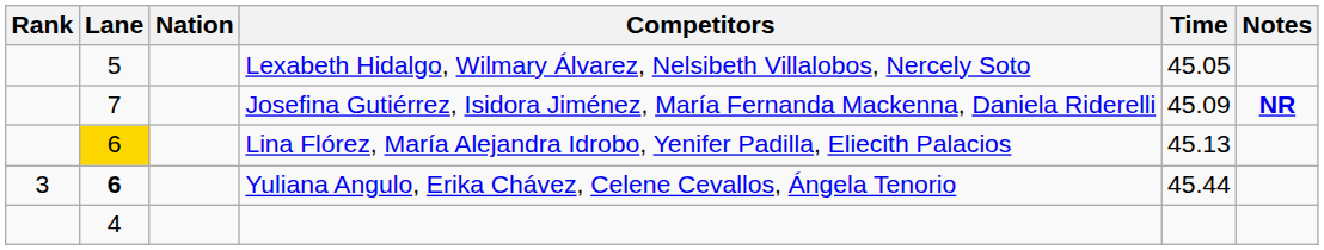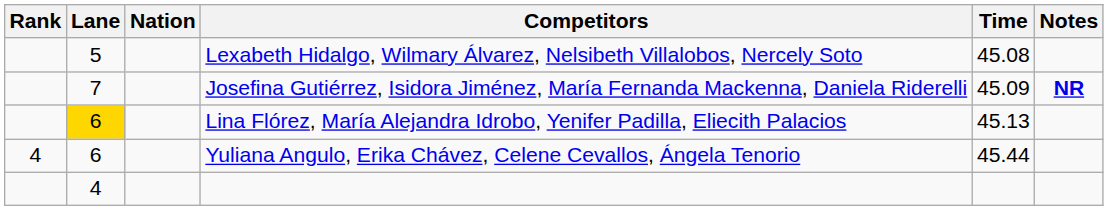 <table class="wikitable sortable" style="text-align:center">
 <tr>
 <th>Rank</th>
 <th>Lane</th>
 <th>Nation</th>
 <th>Competitors</th>
 <th>Time</th>
 <th>Notes</th>
 </tr>
 <tr>
 <td></td>
 <td>5</td>
 <td align=left></td>
 <td align=left><a href='#'>Lexabeth Hidalgo</a>, <a href='#'>Wilmary Álvarez</a>, <a href='#'>Nelsibeth Villalobos</a>, <a href='#'>Nercely Soto</a></td>
-<td>45.05</td>
+<td>45.08</td>
 <td></td>
 </tr>
 <tr>
 <td></td>
 <td>7</td>
 <td align=left></td>
 <td align=left><a href='#'>Josefina Gutiérrez</a>, <a href='#'>Isidora Jiménez</a>, <a href='#'>María Fernanda Mackenna</a>, <a href='#'>Daniela Riderelli</a></td>
 <td>45.09</td>
 <td><strong><a href='#'>NR</a></strong></td>
 </tr>
 <tr>
 <td></td>
 <td style="background: gold;">6</td>
 <td align=left></td>
 <td align=left><a href='#'>Lina Flórez</a>, <a href='#'>María Alejandra Idrobo</a>, <a href='#'>Yenifer Padilla</a>, <a href='#'>Eliecith Palacios</a></td>
 <td>45.13</td>
 <td></td>
 </tr>
 <tr>
-<td>3</td>
-<td><strong>6</strong></td>
+<td>4</td>
+<td>6</td>
 <td align=left></td>
 <td align=left><a href='#'>Yuliana Angulo</a>, <a href='#'>Erika Chávez</a>, <a href='#'>Celene Cevallos</a>, <a href='#'>Ángela Tenorio</a></td>
 <td>45.44</td>
 <td></td>
 </tr>
 <tr>
 <td></td>
 <td>4</td>
 <td align=left></td>
 <td align=left></td>
 <td></td>
 <td></td>
 </tr>
 </table>
